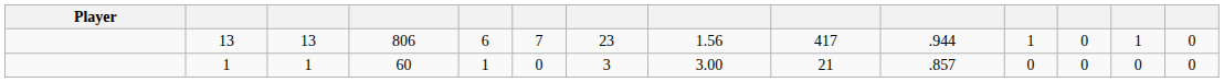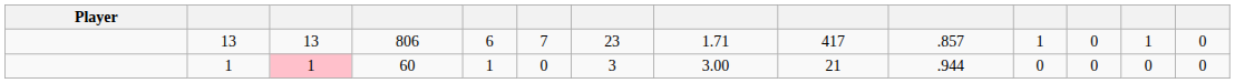 <table class="wikitable sortable" style="width:100%; text-align:center;">
 <tr>
 <th>Player</th>
 <th></th>
 <th></th>
 <th></th>
 <th></th>
 <th></th>
 <th></th>
 <th></th>
 <th></th>
 <th></th>
 <th></th>
 <th></th>
 <th></th>
 <th></th>
 </tr>
 <tr>
 <td style=white-space:nowrap></td>
 <td>13</td>
 <td>13</td>
 <td>806</td>
 <td>6</td>
 <td>7</td>
 <td>23</td>
-<td>1.56</td>
+<td>1.71</td>
 <td>417</td>
-<td>.944</td>
+<td>.857</td>
 <td>1</td>
 <td>0</td>
 <td>1</td>
 <td>0</td>
 </tr>
 <tr>
 <td style=white-space:nowrap></td>
 <td>1</td>
-<td>1</td>
+<td style="background: pink;">1</td>
 <td>60</td>
 <td>1</td>
 <td>0</td>
 <td>3</td>
 <td>3.00</td>
 <td>21</td>
-<td>.857</td>
+<td>.944</td>
 <td>0</td>
 <td>0</td>
 <td>0</td>
 <td>0</td>
 </tr>
 </table>
